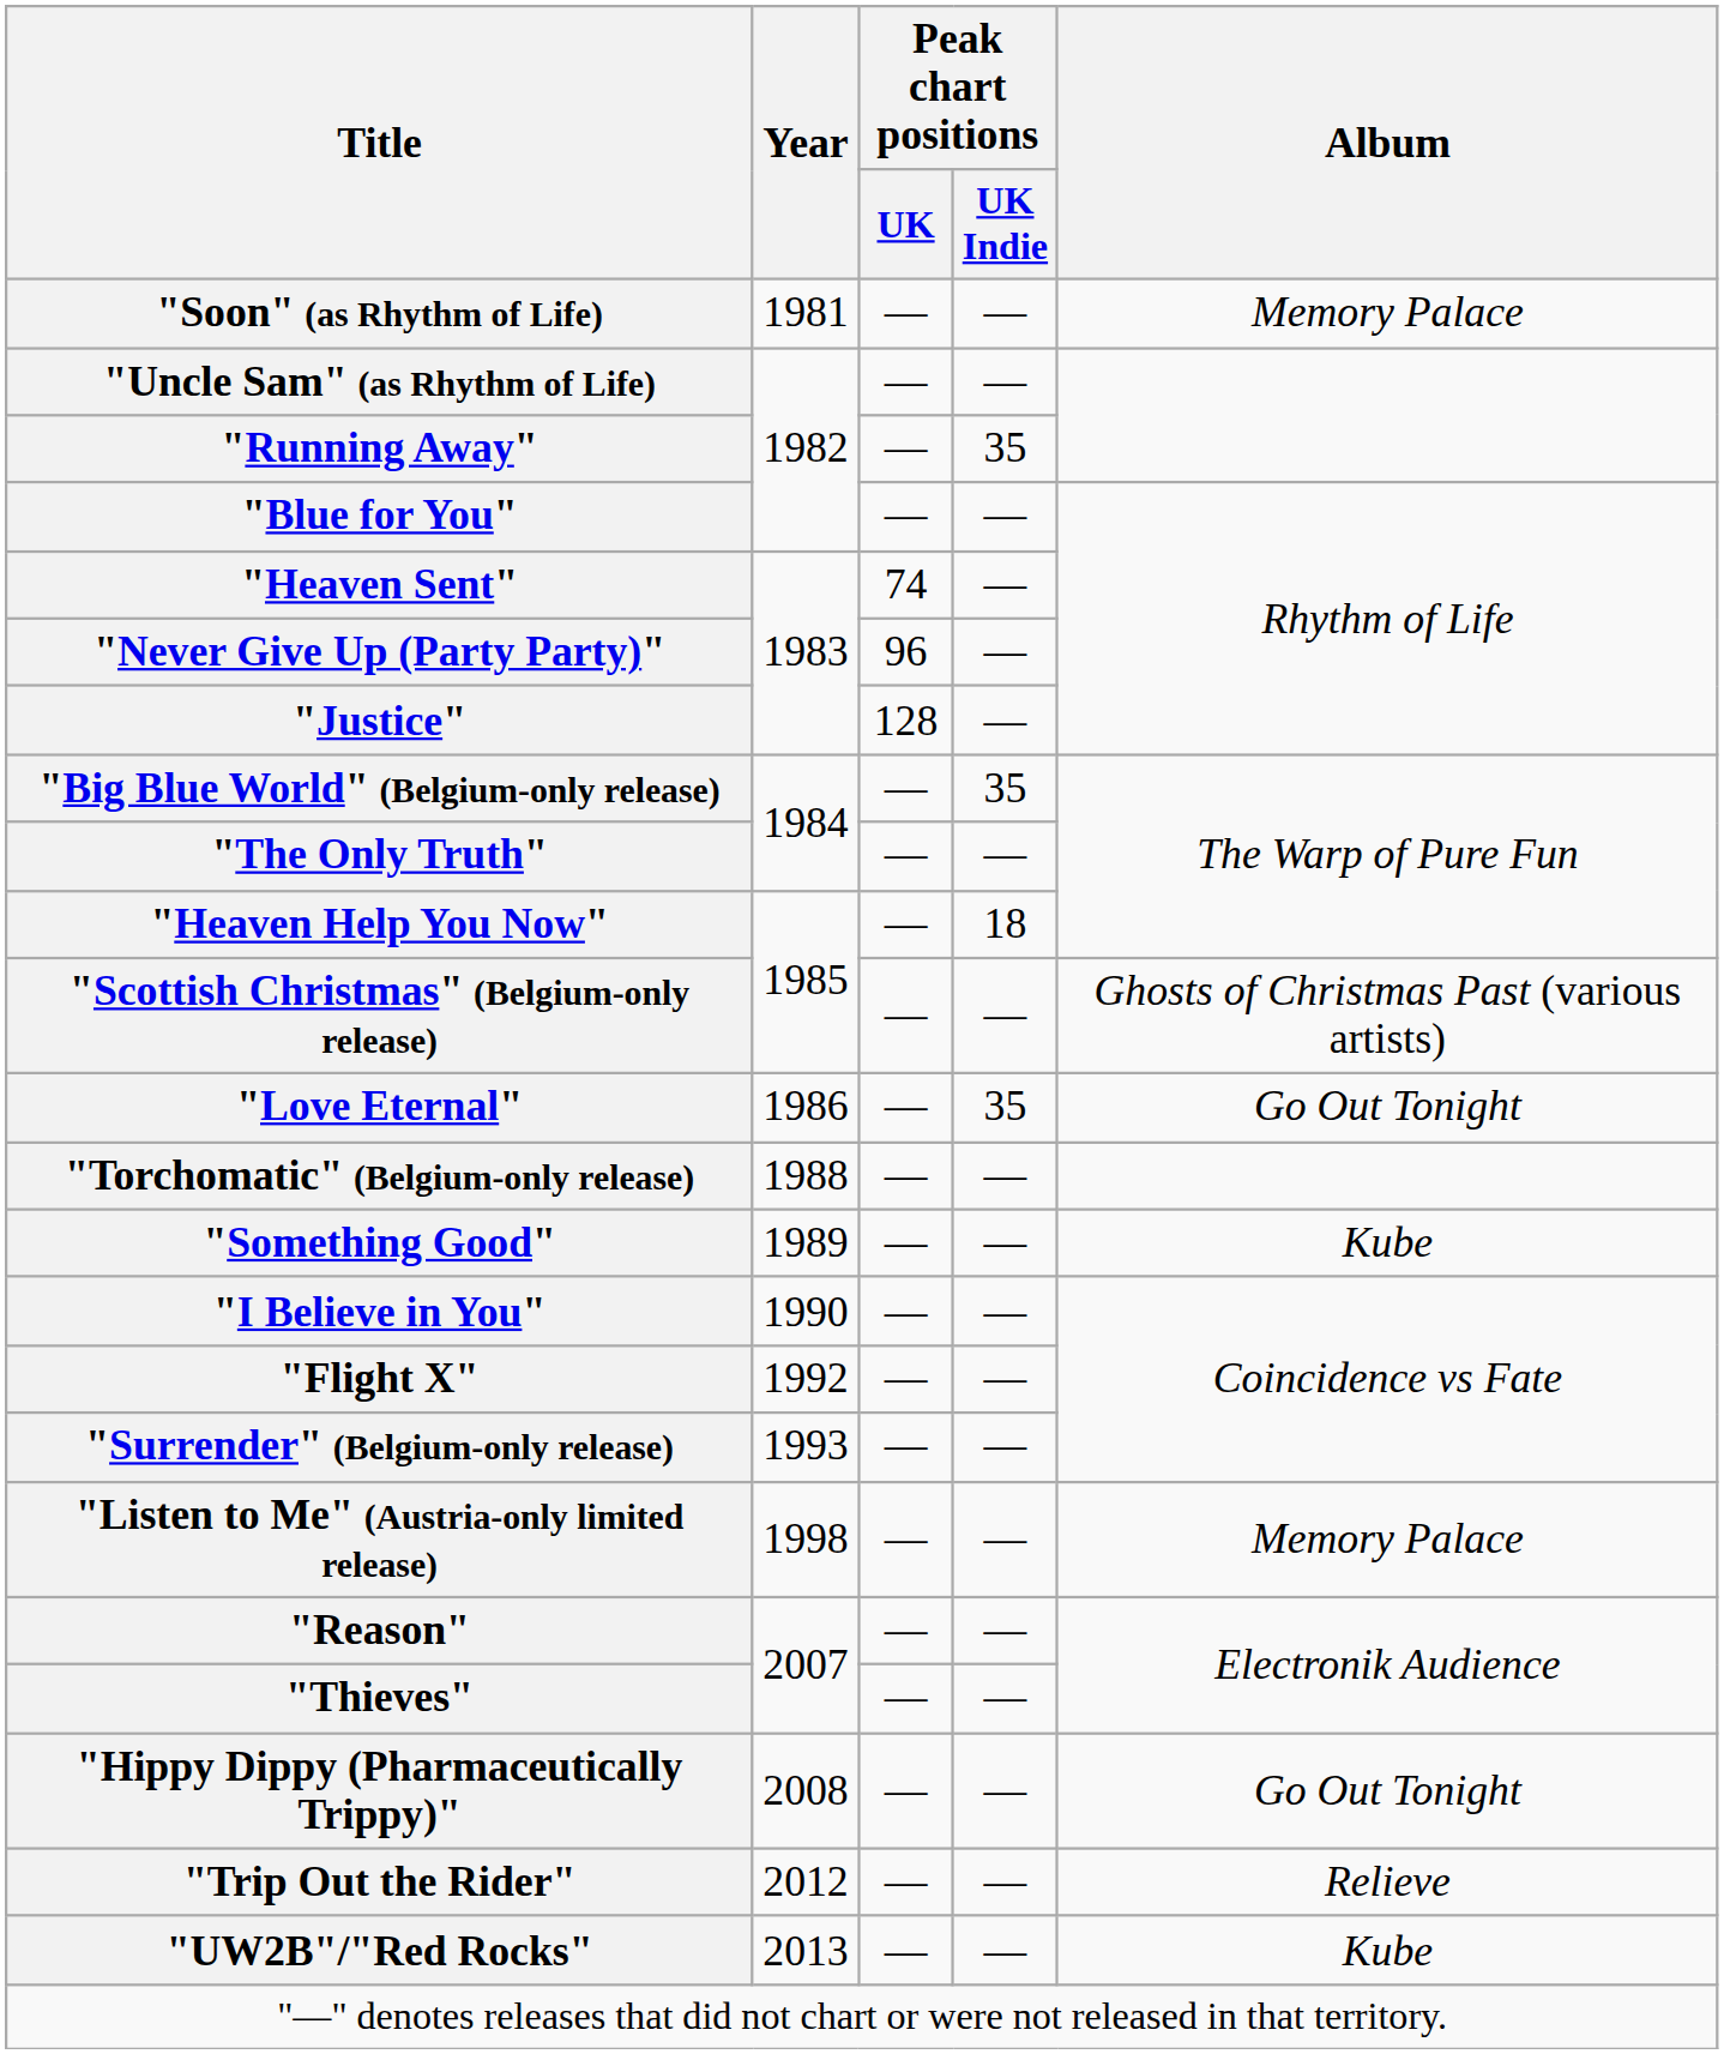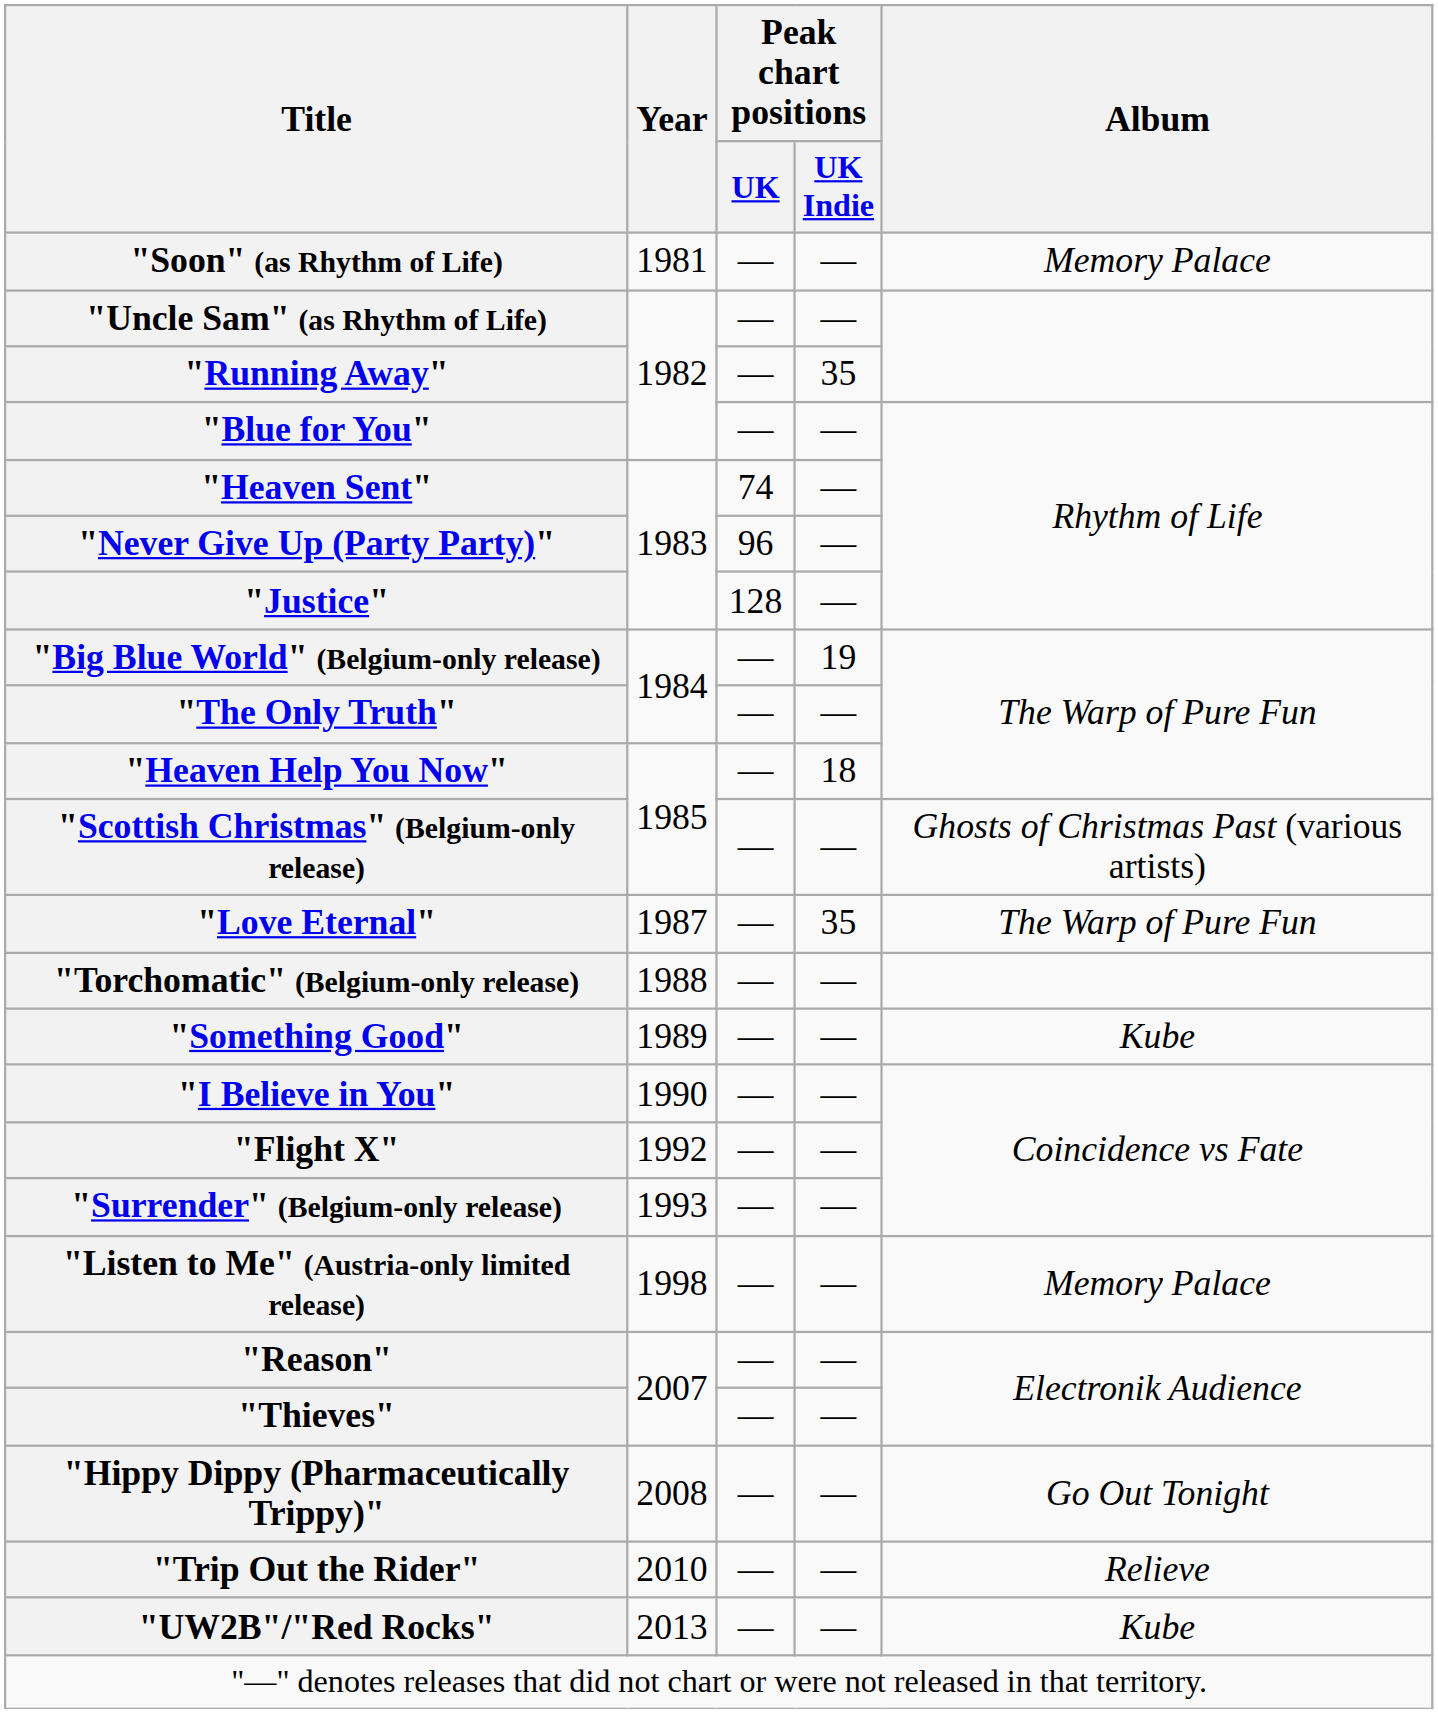 <table class="wikitable plainrowheaders" style="text-align:center;">
 <tr>
 <th rowspan="2" scope="col" style="width:17em;">Title</th>
 <th rowspan="2" scope="col" style="width:2em;">Year</th>
 <th colspan="2">Peak chart positions</th>
 <th rowspan="2" style="width:15em;">Album</th>
 </tr>
 <tr>
 <th scope="col" style="width:2em;font-size:90%;"><a href='#'>UK</a><br></th>
 <th scope="col" style="width:2em;font-size:90%;"><a href='#'>UK Indie</a><br></th>
 </tr>
 <tr>
 <th scope="row">"Soon" <small>(as Rhythm of Life)</small></th>
 <td>1981</td>
 <td>—</td>
 <td>—</td>
 <td><em>Memory Palace</em></td>
 </tr>
 <tr>
 <th scope="row">"Uncle Sam" <small>(as Rhythm of Life)</small></th>
 <td rowspan="3">1982</td>
 <td>—</td>
 <td>—</td>
 </tr>
 <tr>
 <th scope="row">"<a href='#'>Running Away</a>"</th>
 <td>—</td>
 <td>35</td>
 </tr>
 <tr>
 <th scope="row">"<a href='#'>Blue for You</a>"</th>
 <td>—</td>
 <td>—</td>
 <td rowspan="4"><em>Rhythm of Life</em></td>
 </tr>
 <tr>
 <th scope="row">"<a href='#'>Heaven Sent</a>"</th>
 <td rowspan="3">1983</td>
 <td>74</td>
 <td>—</td>
 </tr>
 <tr>
 <th scope="row">"<a href='#'>Never Give Up (Party Party)</a>"</th>
 <td>96</td>
 <td>—</td>
 </tr>
 <tr>
 <th scope="row">"<a href='#'>Justice</a>"</th>
 <td>128</td>
 <td>—</td>
 </tr>
 <tr>
 <th scope="row">"<a href='#'>Big Blue World</a>" <small>(Belgium-only release)</small></th>
 <td rowspan="2">1984</td>
 <td>—</td>
-<td>35</td>
+<td>19</td>
 <td rowspan="3"><em>The Warp of Pure Fun</em></td>
 </tr>
 <tr>
 <th scope="row">"<a href='#'>The Only Truth</a>"</th>
 <td>—</td>
 <td>—</td>
 </tr>
 <tr>
 <th scope="row">"<a href='#'>Heaven Help You Now</a>"</th>
 <td rowspan="2">1985</td>
 <td>—</td>
 <td>18</td>
 </tr>
 <tr>
 <th scope="row">"<a href='#'>Scottish Christmas</a>" <small>(Belgium-only release)</small></th>
 <td>—</td>
 <td>—</td>
 <td><em>Ghosts of Christmas Past</em> (various artists)</td>
 </tr>
 <tr>
 <th scope="row">"<a href='#'>Love Eternal</a>"</th>
-<td>1986</td>
+<td>1987</td>
 <td>—</td>
 <td>35</td>
-<td><em>Go Out Tonight</em></td>
+<td><em>The Warp of Pure Fun</em></td>
 </tr>
 <tr>
 <th scope="row">"Torchomatic" <small>(Belgium-only release)</small></th>
 <td>1988</td>
 <td>—</td>
 <td>—</td>
 <td></td>
 </tr>
 <tr>
 <th scope="row">"<a href='#'>Something Good</a>"</th>
 <td>1989</td>
 <td>—</td>
 <td>—</td>
 <td><em>Kube</em></td>
 </tr>
 <tr>
 <th scope="row">"<a href='#'>I Believe in You</a>"</th>
 <td>1990</td>
 <td>—</td>
 <td>—</td>
 <td rowspan="3"><em>Coincidence vs Fate</em></td>
 </tr>
 <tr>
 <th scope="row">"Flight X"</th>
 <td>1992</td>
 <td>—</td>
 <td>—</td>
 </tr>
 <tr>
 <th scope="row">"<a href='#'>Surrender</a>" <small>(Belgium-only release)</small></th>
 <td>1993</td>
 <td>—</td>
 <td>—</td>
 </tr>
 <tr>
 <th scope="row">"Listen to Me" <small>(Austria-only limited release)</small></th>
 <td>1998</td>
 <td>—</td>
 <td>—</td>
 <td><em>Memory Palace</em></td>
 </tr>
 <tr>
 <th scope="row">"Reason"</th>
 <td rowspan="2">2007</td>
 <td>—</td>
 <td>—</td>
 <td rowspan="2"><em>Electronik Audience</em></td>
 </tr>
 <tr>
 <th scope="row">"Thieves"</th>
 <td>—</td>
 <td>—</td>
 </tr>
 <tr>
 <th scope="row">"Hippy Dippy (Pharmaceutically Trippy)"</th>
 <td>2008</td>
 <td>—</td>
 <td>—</td>
 <td><em>Go Out Tonight</em></td>
 </tr>
 <tr>
 <th scope="row">"Trip Out the Rider"</th>
-<td>2012</td>
+<td>2010</td>
 <td>—</td>
 <td>—</td>
 <td><em>Relieve</em></td>
 </tr>
 <tr>
 <th scope="row">"UW2B"/"Red Rocks"</th>
 <td>2013</td>
 <td>—</td>
 <td>—</td>
 <td><em>Kube</em></td>
 </tr>
 <tr>
 <td colspan="5" style="font-size:90%">"—" denotes releases that did not chart or were not released in that territory.</td>
 </tr>
 </table>
